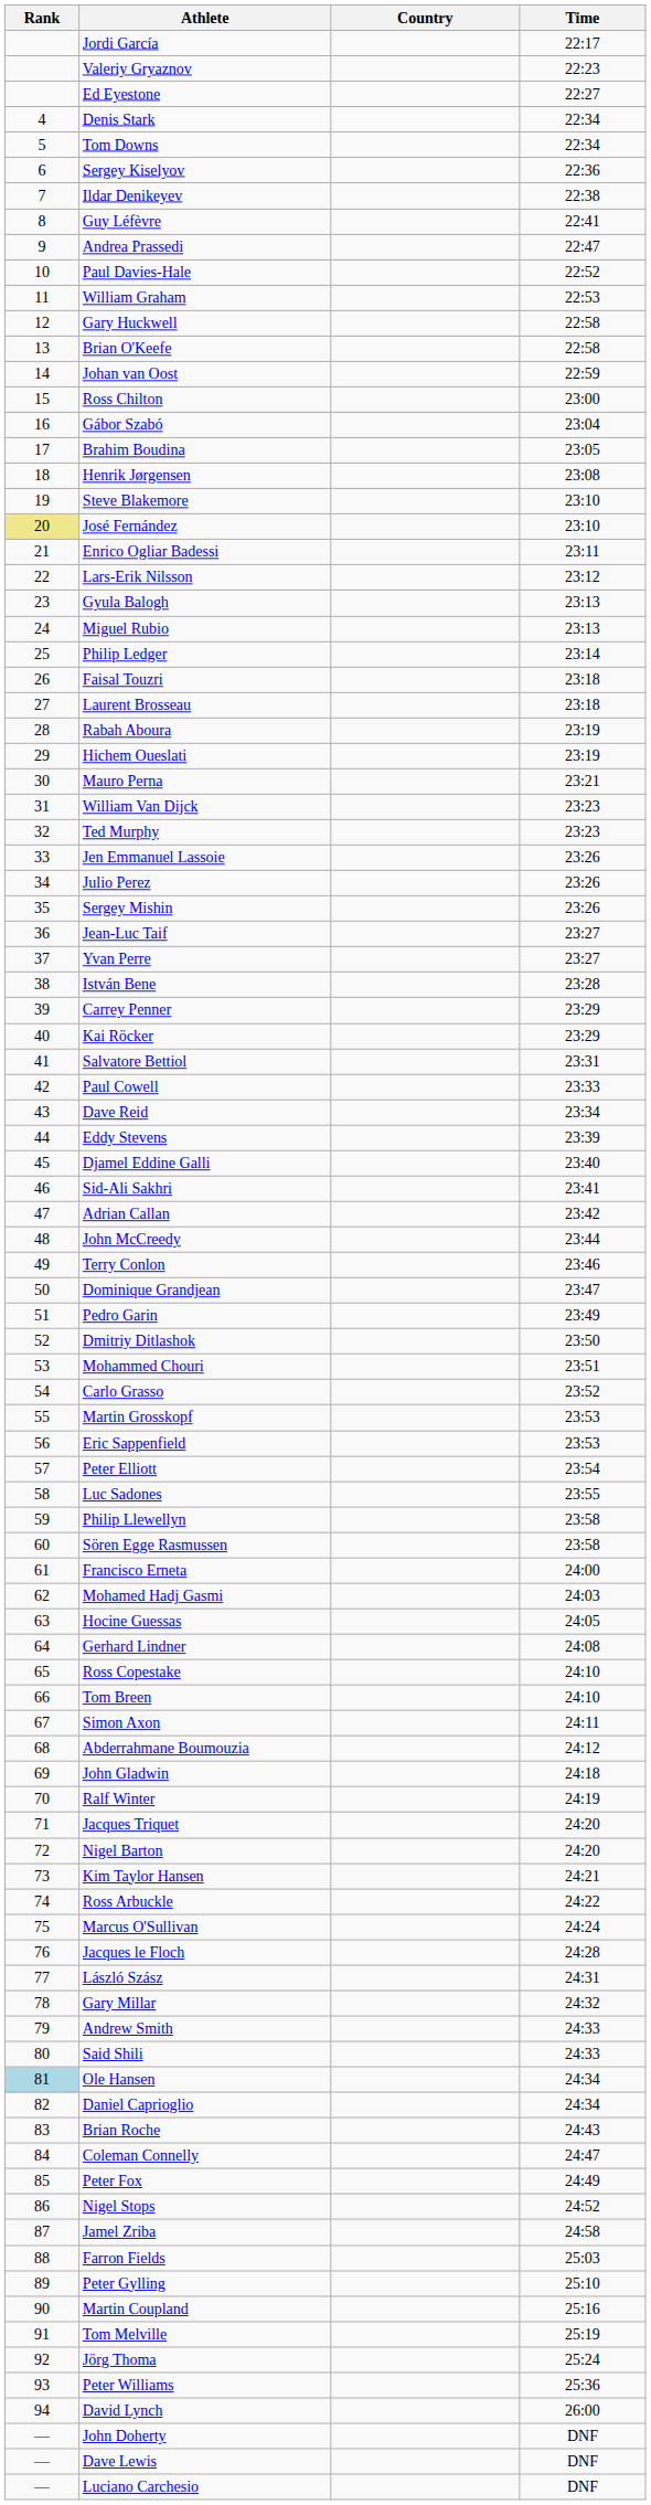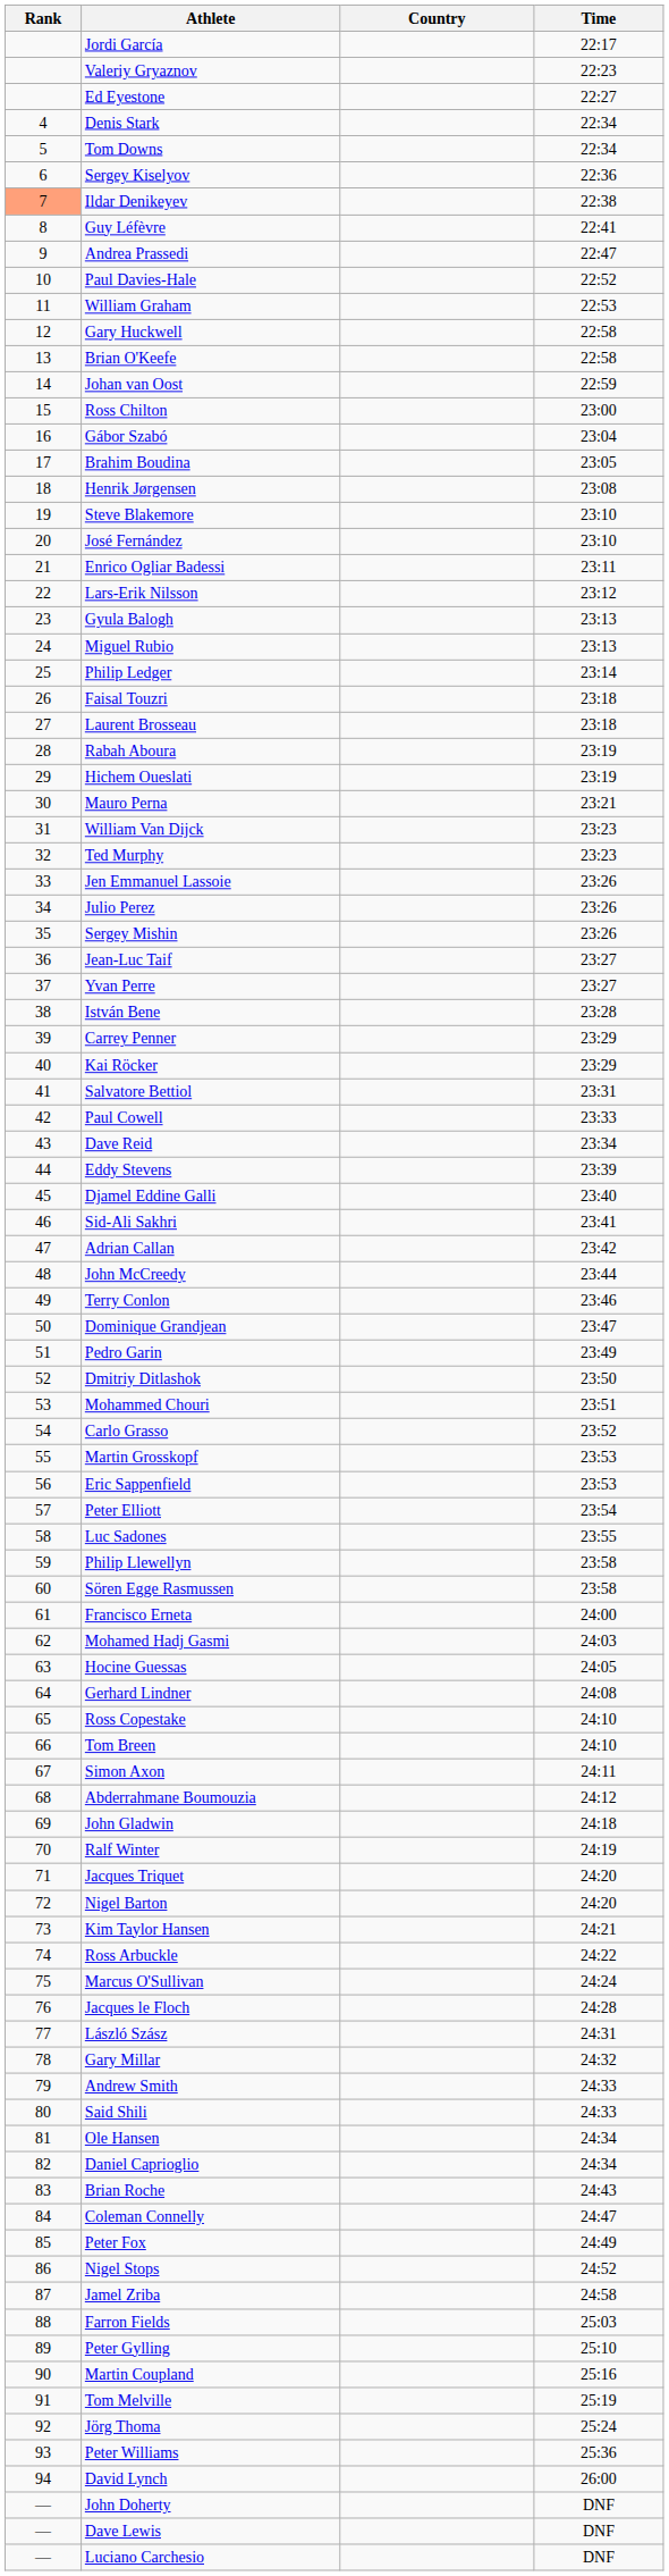 <table class="wikitable sortable" style=" text-align:center; font-size:95%;" width="50%">
 <tr>
 <th width=5%>Rank</th>
 <th width=20%>Athlete</th>
 <th width=15%>Country</th>
 <th width=10%>Time</th>
 </tr>
 <tr>
 <td align=center></td>
 <td align=left><a href='#'>Jordi García</a></td>
 <td align=left></td>
 <td>22:17</td>
 </tr>
 <tr>
 <td align=center></td>
 <td align=left><a href='#'>Valeriy Gryaznov</a></td>
 <td align=left></td>
 <td>22:23</td>
 </tr>
 <tr>
 <td align=center></td>
 <td align=left><a href='#'>Ed Eyestone</a></td>
 <td align=left></td>
 <td>22:27</td>
 </tr>
 <tr>
 <td align=center>4</td>
 <td align=left><a href='#'>Denis Stark</a></td>
 <td align=left></td>
 <td>22:34</td>
 </tr>
 <tr>
 <td align=center>5</td>
 <td align=left><a href='#'>Tom Downs</a></td>
 <td align=left></td>
 <td>22:34</td>
 </tr>
 <tr>
 <td align=center>6</td>
 <td align=left><a href='#'>Sergey Kiselyov</a></td>
 <td align=left></td>
 <td>22:36</td>
 </tr>
 <tr>
-<td align=center>7</td>
+<td align=center style="background: lightsalmon;">7</td>
 <td align=left><a href='#'>Ildar Denikeyev</a></td>
 <td align=left></td>
 <td>22:38</td>
 </tr>
 <tr>
 <td align=center>8</td>
 <td align=left><a href='#'>Guy Léfèvre</a></td>
 <td align=left></td>
 <td>22:41</td>
 </tr>
 <tr>
 <td align=center>9</td>
 <td align=left><a href='#'>Andrea Prassedi</a></td>
 <td align=left></td>
 <td>22:47</td>
 </tr>
 <tr>
 <td align=center>10</td>
 <td align=left><a href='#'>Paul Davies-Hale</a></td>
 <td align=left></td>
 <td>22:52</td>
 </tr>
 <tr>
 <td align=center>11</td>
 <td align=left><a href='#'>William Graham</a></td>
 <td align=left></td>
 <td>22:53</td>
 </tr>
 <tr>
 <td align=center>12</td>
 <td align=left><a href='#'>Gary Huckwell</a></td>
 <td align=left></td>
 <td>22:58</td>
 </tr>
 <tr>
 <td align=center>13</td>
 <td align=left><a href='#'>Brian O'Keefe</a></td>
 <td align=left></td>
 <td>22:58</td>
 </tr>
 <tr>
 <td align=center>14</td>
 <td align=left><a href='#'>Johan van Oost</a></td>
 <td align=left></td>
 <td>22:59</td>
 </tr>
 <tr>
 <td align=center>15</td>
 <td align=left><a href='#'>Ross Chilton</a></td>
 <td align=left></td>
 <td>23:00</td>
 </tr>
 <tr>
 <td align=center>16</td>
 <td align=left><a href='#'>Gábor Szabó</a></td>
 <td align=left></td>
 <td>23:04</td>
 </tr>
 <tr>
 <td align=center>17</td>
 <td align=left><a href='#'>Brahim Boudina</a></td>
 <td align=left></td>
 <td>23:05</td>
 </tr>
 <tr>
 <td align=center>18</td>
 <td align=left><a href='#'>Henrik Jørgensen</a></td>
 <td align=left></td>
 <td>23:08</td>
 </tr>
 <tr>
 <td align=center>19</td>
 <td align=left><a href='#'>Steve Blakemore</a></td>
 <td align=left></td>
 <td>23:10</td>
 </tr>
 <tr>
-<td align=center style="background: khaki;">20</td>
+<td align=center>20</td>
 <td align=left><a href='#'>José Fernández</a></td>
 <td align=left></td>
 <td>23:10</td>
 </tr>
 <tr>
 <td align=center>21</td>
 <td align=left><a href='#'>Enrico Ogliar Badessi</a></td>
 <td align=left></td>
 <td>23:11</td>
 </tr>
 <tr>
 <td align=center>22</td>
 <td align=left><a href='#'>Lars-Erik Nilsson</a></td>
 <td align=left></td>
 <td>23:12</td>
 </tr>
 <tr>
 <td align=center>23</td>
 <td align=left><a href='#'>Gyula Balogh</a></td>
 <td align=left></td>
 <td>23:13</td>
 </tr>
 <tr>
 <td align=center>24</td>
 <td align=left><a href='#'>Miguel Rubio</a></td>
 <td align=left></td>
 <td>23:13</td>
 </tr>
 <tr>
 <td align=center>25</td>
 <td align=left><a href='#'>Philip Ledger</a></td>
 <td align=left></td>
 <td>23:14</td>
 </tr>
 <tr>
 <td align=center>26</td>
 <td align=left><a href='#'>Faisal Touzri</a></td>
 <td align=left></td>
 <td>23:18</td>
 </tr>
 <tr>
 <td align=center>27</td>
 <td align=left><a href='#'>Laurent Brosseau</a></td>
 <td align=left></td>
 <td>23:18</td>
 </tr>
 <tr>
 <td align=center>28</td>
 <td align=left><a href='#'>Rabah Aboura</a></td>
 <td align=left></td>
 <td>23:19</td>
 </tr>
 <tr>
 <td align=center>29</td>
 <td align=left><a href='#'>Hichem Oueslati</a></td>
 <td align=left></td>
 <td>23:19</td>
 </tr>
 <tr>
 <td align=center>30</td>
 <td align=left><a href='#'>Mauro Perna</a></td>
 <td align=left></td>
 <td>23:21</td>
 </tr>
 <tr>
 <td align=center>31</td>
 <td align=left><a href='#'>William Van Dijck</a></td>
 <td align=left></td>
 <td>23:23</td>
 </tr>
 <tr>
 <td align=center>32</td>
 <td align=left><a href='#'>Ted Murphy</a></td>
 <td align=left></td>
 <td>23:23</td>
 </tr>
 <tr>
 <td align=center>33</td>
 <td align=left><a href='#'>Jen Emmanuel Lassoie</a></td>
 <td align=left></td>
 <td>23:26</td>
 </tr>
 <tr>
 <td align=center>34</td>
 <td align=left><a href='#'>Julio Perez</a></td>
 <td align=left></td>
 <td>23:26</td>
 </tr>
 <tr>
 <td align=center>35</td>
 <td align=left><a href='#'>Sergey Mishin</a></td>
 <td align=left></td>
 <td>23:26</td>
 </tr>
 <tr>
 <td align=center>36</td>
 <td align=left><a href='#'>Jean-Luc Taif</a></td>
 <td align=left></td>
 <td>23:27</td>
 </tr>
 <tr>
 <td align=center>37</td>
 <td align=left><a href='#'>Yvan Perre</a></td>
 <td align=left></td>
 <td>23:27</td>
 </tr>
 <tr>
 <td align=center>38</td>
 <td align=left><a href='#'>István Bene</a></td>
 <td align=left></td>
 <td>23:28</td>
 </tr>
 <tr>
 <td align=center>39</td>
 <td align=left><a href='#'>Carrey Penner</a></td>
 <td align=left></td>
 <td>23:29</td>
 </tr>
 <tr>
 <td align=center>40</td>
 <td align=left><a href='#'>Kai Röcker</a></td>
 <td align=left></td>
 <td>23:29</td>
 </tr>
 <tr>
 <td align=center>41</td>
 <td align=left><a href='#'>Salvatore Bettiol</a></td>
 <td align=left></td>
 <td>23:31</td>
 </tr>
 <tr>
 <td align=center>42</td>
 <td align=left><a href='#'>Paul Cowell</a></td>
 <td align=left></td>
 <td>23:33</td>
 </tr>
 <tr>
 <td align=center>43</td>
 <td align=left><a href='#'>Dave Reid</a></td>
 <td align=left></td>
 <td>23:34</td>
 </tr>
 <tr>
 <td align=center>44</td>
 <td align=left><a href='#'>Eddy Stevens</a></td>
 <td align=left></td>
 <td>23:39</td>
 </tr>
 <tr>
 <td align=center>45</td>
 <td align=left><a href='#'>Djamel Eddine Galli</a></td>
 <td align=left></td>
 <td>23:40</td>
 </tr>
 <tr>
 <td align=center>46</td>
 <td align=left><a href='#'>Sid-Ali Sakhri</a></td>
 <td align=left></td>
 <td>23:41</td>
 </tr>
 <tr>
 <td align=center>47</td>
 <td align=left><a href='#'>Adrian Callan</a></td>
 <td align=left></td>
 <td>23:42</td>
 </tr>
 <tr>
 <td align=center>48</td>
 <td align=left><a href='#'>John McCreedy</a></td>
 <td align=left></td>
 <td>23:44</td>
 </tr>
 <tr>
 <td align=center>49</td>
 <td align=left><a href='#'>Terry Conlon</a></td>
 <td align=left></td>
 <td>23:46</td>
 </tr>
 <tr>
 <td align=center>50</td>
 <td align=left><a href='#'>Dominique Grandjean</a></td>
 <td align=left></td>
 <td>23:47</td>
 </tr>
 <tr>
 <td align=center>51</td>
 <td align=left><a href='#'>Pedro Garin</a></td>
 <td align=left></td>
 <td>23:49</td>
 </tr>
 <tr>
 <td align=center>52</td>
 <td align=left><a href='#'>Dmitriy Ditlashok</a></td>
 <td align=left></td>
 <td>23:50</td>
 </tr>
 <tr>
 <td align=center>53</td>
 <td align=left><a href='#'>Mohammed Chouri</a></td>
 <td align=left></td>
 <td>23:51</td>
 </tr>
 <tr>
 <td align=center>54</td>
 <td align=left><a href='#'>Carlo Grasso</a></td>
 <td align=left></td>
 <td>23:52</td>
 </tr>
 <tr>
 <td align=center>55</td>
 <td align=left><a href='#'>Martin Grosskopf</a></td>
 <td align=left></td>
 <td>23:53</td>
 </tr>
 <tr>
 <td align=center>56</td>
 <td align=left><a href='#'>Eric Sappenfield</a></td>
 <td align=left></td>
 <td>23:53</td>
 </tr>
 <tr>
 <td align=center>57</td>
 <td align=left><a href='#'>Peter Elliott</a></td>
 <td align=left></td>
 <td>23:54</td>
 </tr>
 <tr>
 <td align=center>58</td>
 <td align=left><a href='#'>Luc Sadones</a></td>
 <td align=left></td>
 <td>23:55</td>
 </tr>
 <tr>
 <td align=center>59</td>
 <td align=left><a href='#'>Philip Llewellyn</a></td>
 <td align=left></td>
 <td>23:58</td>
 </tr>
 <tr>
 <td align=center>60</td>
 <td align=left><a href='#'>Sören Egge Rasmussen</a></td>
 <td align=left></td>
 <td>23:58</td>
 </tr>
 <tr>
 <td align=center>61</td>
 <td align=left><a href='#'>Francisco Erneta</a></td>
 <td align=left></td>
 <td>24:00</td>
 </tr>
 <tr>
 <td align=center>62</td>
 <td align=left><a href='#'>Mohamed Hadj Gasmi</a></td>
 <td align=left></td>
 <td>24:03</td>
 </tr>
 <tr>
 <td align=center>63</td>
 <td align=left><a href='#'>Hocine Guessas</a></td>
 <td align=left></td>
 <td>24:05</td>
 </tr>
 <tr>
 <td align=center>64</td>
 <td align=left><a href='#'>Gerhard Lindner</a></td>
 <td align=left></td>
 <td>24:08</td>
 </tr>
 <tr>
 <td align=center>65</td>
 <td align=left><a href='#'>Ross Copestake</a></td>
 <td align=left></td>
 <td>24:10</td>
 </tr>
 <tr>
 <td align=center>66</td>
 <td align=left><a href='#'>Tom Breen</a></td>
 <td align=left></td>
 <td>24:10</td>
 </tr>
 <tr>
 <td align=center>67</td>
 <td align=left><a href='#'>Simon Axon</a></td>
 <td align=left></td>
 <td>24:11</td>
 </tr>
 <tr>
 <td align=center>68</td>
 <td align=left><a href='#'>Abderrahmane Boumouzia</a></td>
 <td align=left></td>
 <td>24:12</td>
 </tr>
 <tr>
 <td align=center>69</td>
 <td align=left><a href='#'>John Gladwin</a></td>
 <td align=left></td>
 <td>24:18</td>
 </tr>
 <tr>
 <td align=center>70</td>
 <td align=left><a href='#'>Ralf Winter</a></td>
 <td align=left></td>
 <td>24:19</td>
 </tr>
 <tr>
 <td align=center>71</td>
 <td align=left><a href='#'>Jacques Triquet</a></td>
 <td align=left></td>
 <td>24:20</td>
 </tr>
 <tr>
 <td align=center>72</td>
 <td align=left><a href='#'>Nigel Barton</a></td>
 <td align=left></td>
 <td>24:20</td>
 </tr>
 <tr>
 <td align=center>73</td>
 <td align=left><a href='#'>Kim Taylor Hansen</a></td>
 <td align=left></td>
 <td>24:21</td>
 </tr>
 <tr>
 <td align=center>74</td>
 <td align=left><a href='#'>Ross Arbuckle</a></td>
 <td align=left></td>
 <td>24:22</td>
 </tr>
 <tr>
 <td align=center>75</td>
 <td align=left><a href='#'>Marcus O'Sullivan</a></td>
 <td align=left></td>
 <td>24:24</td>
 </tr>
 <tr>
 <td align=center>76</td>
 <td align=left><a href='#'>Jacques le Floch</a></td>
 <td align=left></td>
 <td>24:28</td>
 </tr>
 <tr>
 <td align=center>77</td>
 <td align=left><a href='#'>László Szász</a></td>
 <td align=left></td>
 <td>24:31</td>
 </tr>
 <tr>
 <td align=center>78</td>
 <td align=left><a href='#'>Gary Millar</a></td>
 <td align=left></td>
 <td>24:32</td>
 </tr>
 <tr>
 <td align=center>79</td>
 <td align=left><a href='#'>Andrew Smith</a></td>
 <td align=left></td>
 <td>24:33</td>
 </tr>
 <tr>
 <td align=center>80</td>
 <td align=left><a href='#'>Said Shili</a></td>
 <td align=left></td>
 <td>24:33</td>
 </tr>
 <tr>
-<td align=center style="background: lightblue;">81</td>
+<td align=center>81</td>
 <td align=left><a href='#'>Ole Hansen</a></td>
 <td align=left></td>
 <td>24:34</td>
 </tr>
 <tr>
 <td align=center>82</td>
 <td align=left><a href='#'>Daniel Caprioglio</a></td>
 <td align=left></td>
 <td>24:34</td>
 </tr>
 <tr>
 <td align=center>83</td>
 <td align=left><a href='#'>Brian Roche</a></td>
 <td align=left></td>
 <td>24:43</td>
 </tr>
 <tr>
 <td align=center>84</td>
 <td align=left><a href='#'>Coleman Connelly</a></td>
 <td align=left></td>
 <td>24:47</td>
 </tr>
 <tr>
 <td align=center>85</td>
 <td align=left><a href='#'>Peter Fox</a></td>
 <td align=left></td>
 <td>24:49</td>
 </tr>
 <tr>
 <td align=center>86</td>
 <td align=left><a href='#'>Nigel Stops</a></td>
 <td align=left></td>
 <td>24:52</td>
 </tr>
 <tr>
 <td align=center>87</td>
 <td align=left><a href='#'>Jamel Zriba</a></td>
 <td align=left></td>
 <td>24:58</td>
 </tr>
 <tr>
 <td align=center>88</td>
 <td align=left><a href='#'>Farron Fields</a></td>
 <td align=left></td>
 <td>25:03</td>
 </tr>
 <tr>
 <td align=center>89</td>
 <td align=left><a href='#'>Peter Gylling</a></td>
 <td align=left></td>
 <td>25:10</td>
 </tr>
 <tr>
 <td align=center>90</td>
 <td align=left><a href='#'>Martin Coupland</a></td>
 <td align=left></td>
 <td>25:16</td>
 </tr>
 <tr>
 <td align=center>91</td>
 <td align=left><a href='#'>Tom Melville</a></td>
 <td align=left></td>
 <td>25:19</td>
 </tr>
 <tr>
 <td align=center>92</td>
 <td align=left><a href='#'>Jörg Thoma</a></td>
 <td align=left></td>
 <td>25:24</td>
 </tr>
 <tr>
 <td align=center>93</td>
 <td align=left><a href='#'>Peter Williams</a></td>
 <td align=left></td>
 <td>25:36</td>
 </tr>
 <tr>
 <td align=center>94</td>
 <td align=left><a href='#'>David Lynch</a></td>
 <td align=left></td>
 <td>26:00</td>
 </tr>
 <tr>
 <td align=center>—</td>
 <td align=left><a href='#'>John Doherty</a></td>
 <td align=left></td>
 <td>DNF</td>
 </tr>
 <tr>
 <td align=center>—</td>
 <td align=left><a href='#'>Dave Lewis</a></td>
 <td align=left></td>
 <td>DNF</td>
 </tr>
 <tr>
 <td align=center>—</td>
 <td align=left><a href='#'>Luciano Carchesio</a></td>
 <td align=left></td>
 <td>DNF</td>
 </tr>
 </table>
